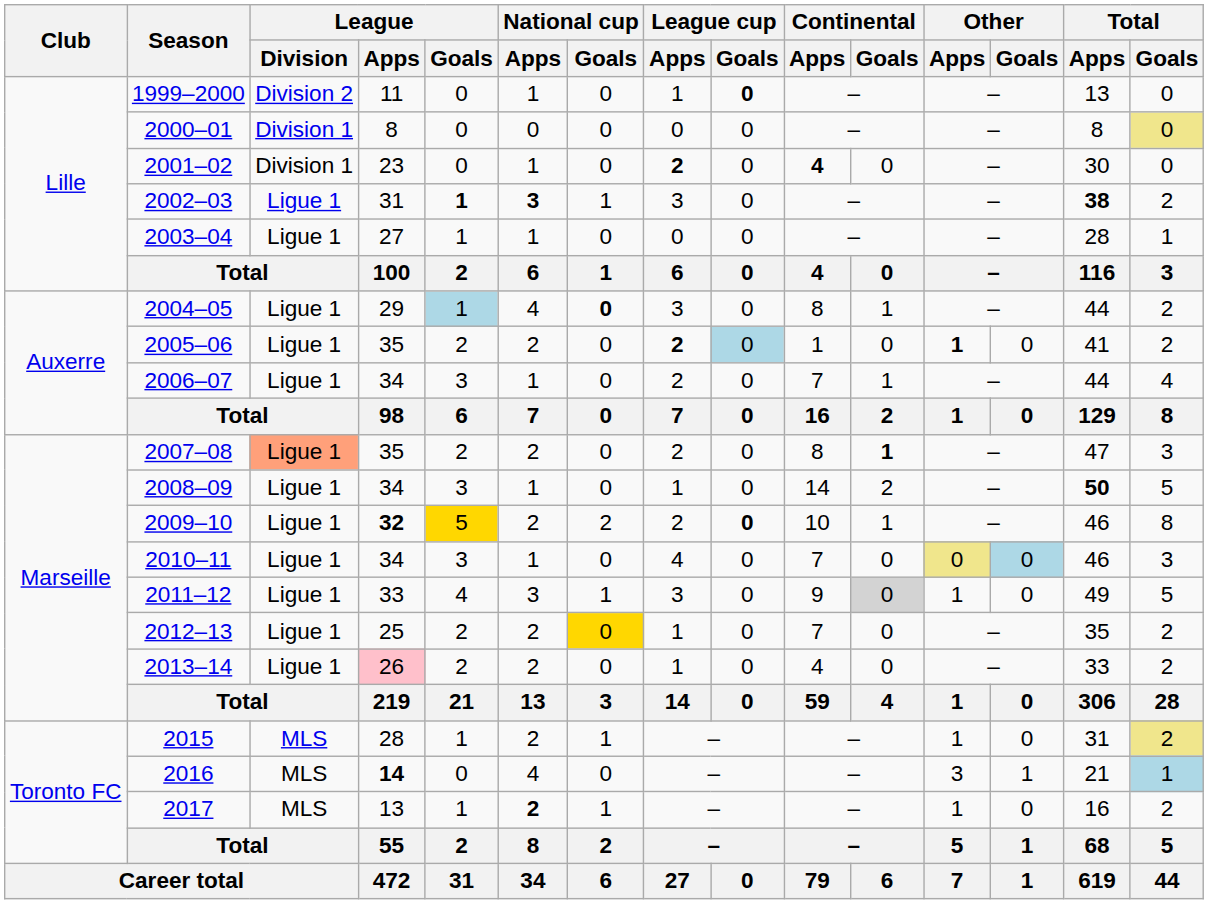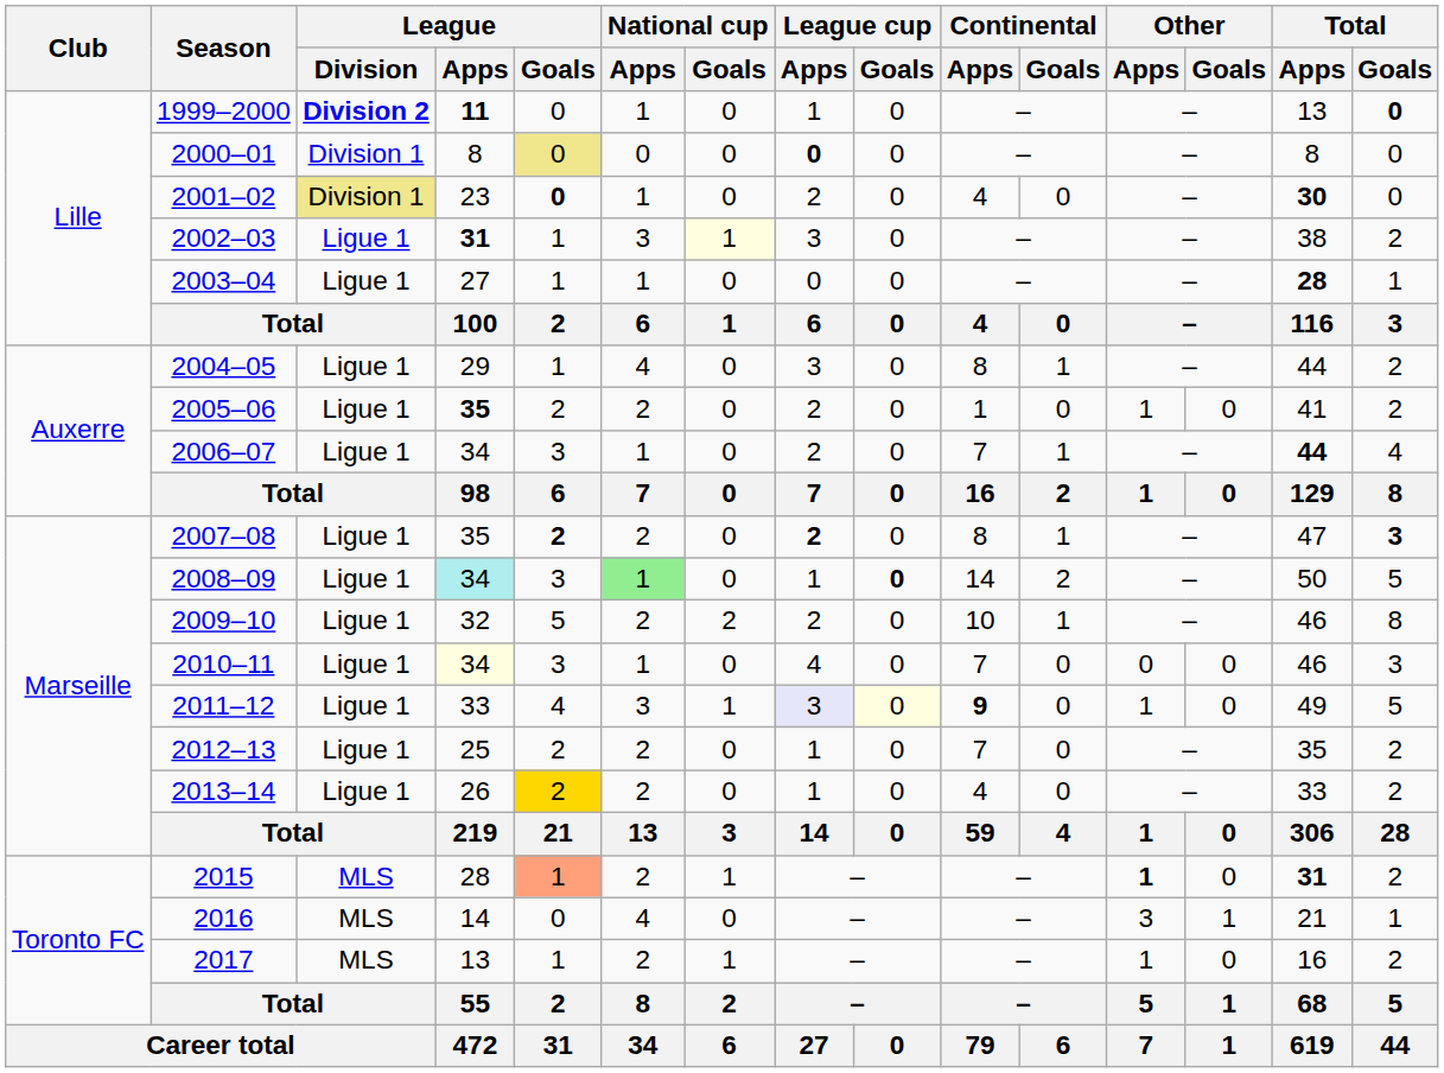 <table class="wikitable" style="text-align: center;">
 <tr>
 <th rowspan="2">Club</th>
 <th rowspan="2">Season</th>
 <th colspan="3">League</th>
 <th colspan="2">National cup</th>
 <th colspan="2">League cup</th>
 <th colspan="2">Continental</th>
 <th colspan="2">Other</th>
 <th colspan="2">Total</th>
 </tr>
 <tr>
 <th>Division</th>
 <th>Apps</th>
 <th>Goals</th>
 <th>Apps</th>
 <th>Goals</th>
 <th>Apps</th>
 <th>Goals</th>
 <th>Apps</th>
 <th>Goals</th>
 <th>Apps</th>
 <th>Goals</th>
 <th>Apps</th>
 <th>Goals</th>
 </tr>
 <tr>
 <td rowspan="6"><a href='#'>Lille</a></td>
 <td><a href='#'>1999–2000</a></td>
-<td><a href='#'>Division 2</a></td>
-<td>11</td>
+<td><strong><a href='#'>Division 2</a></strong></td>
+<td><strong>11</strong></td>
 <td>0</td>
 <td>1</td>
 <td>0</td>
 <td>1</td>
-<td><strong>0</strong></td>
+<td>0</td>
 <td colspan="2">–</td>
 <td colspan="2">–</td>
 <td>13</td>
-<td>0</td>
+<td><strong>0</strong></td>
 </tr>
 <tr>
 <td><a href='#'>2000–01</a></td>
 <td><a href='#'>Division 1</a></td>
 <td>8</td>
+<td style="background: khaki;">0</td>
 <td>0</td>
 <td>0</td>
-<td>0</td>
-<td>0</td>
+<td><strong>0</strong></td>
 <td>0</td>
 <td colspan="2">–</td>
 <td colspan="2">–</td>
 <td>8</td>
-<td style="background: khaki;">0</td>
+<td>0</td>
 </tr>
 <tr>
 <td><a href='#'>2001–02</a></td>
-<td>Division 1</td>
+<td style="background: khaki;">Division 1</td>
 <td>23</td>
-<td>0</td>
+<td><strong>0</strong></td>
 <td>1</td>
 <td>0</td>
-<td><strong>2</strong></td>
+<td>2</td>
 <td>0</td>
-<td><strong>4</strong></td>
+<td>4</td>
 <td>0</td>
 <td colspan="2">–</td>
-<td>30</td>
+<td><strong>30</strong></td>
 <td>0</td>
 </tr>
 <tr>
 <td><a href='#'>2002–03</a></td>
 <td><a href='#'>Ligue 1</a></td>
-<td>31</td>
-<td><strong>1</strong></td>
-<td><strong>3</strong></td>
+<td><strong>31</strong></td>
 <td>1</td>
+<td>3</td>
+<td style="background: lightyellow;">1</td>
 <td>3</td>
 <td>0</td>
 <td colspan="2">–</td>
 <td colspan="2">–</td>
-<td><strong>38</strong></td>
+<td>38</td>
 <td>2</td>
 </tr>
 <tr>
 <td><a href='#'>2003–04</a></td>
 <td>Ligue 1</td>
 <td>27</td>
 <td>1</td>
 <td>1</td>
 <td>0</td>
 <td>0</td>
 <td>0</td>
 <td colspan="2">–</td>
 <td colspan="2">–</td>
-<td>28</td>
+<td><strong>28</strong></td>
 <td>1</td>
 </tr>
 <tr>
 <th colspan="2">Total</th>
 <th>100</th>
 <th>2</th>
 <th>6</th>
 <th>1</th>
 <th>6</th>
 <th>0</th>
 <th>4</th>
 <th>0</th>
 <th colspan="2">–</th>
 <th>116</th>
 <th>3</th>
 </tr>
 <tr>
 <td rowspan="4"><a href='#'>Auxerre</a></td>
 <td><a href='#'>2004–05</a></td>
 <td>Ligue 1</td>
 <td>29</td>
-<td style="background: lightblue;">1</td>
+<td>1</td>
 <td>4</td>
-<td><strong>0</strong></td>
+<td>0</td>
 <td>3</td>
 <td>0</td>
 <td>8</td>
 <td>1</td>
 <td colspan="2">–</td>
 <td>44</td>
 <td>2</td>
 </tr>
 <tr>
 <td><a href='#'>2005–06</a></td>
 <td>Ligue 1</td>
-<td>35</td>
+<td><strong>35</strong></td>
 <td>2</td>
 <td>2</td>
 <td>0</td>
-<td><strong>2</strong></td>
-<td style="background: lightblue;">0</td>
+<td>2</td>
+<td>0</td>
 <td>1</td>
 <td>0</td>
-<td><strong>1</strong></td>
+<td>1</td>
 <td>0</td>
 <td>41</td>
 <td>2</td>
 </tr>
 <tr>
 <td><a href='#'>2006–07</a></td>
 <td>Ligue 1</td>
 <td>34</td>
 <td>3</td>
 <td>1</td>
 <td>0</td>
 <td>2</td>
 <td>0</td>
 <td>7</td>
 <td>1</td>
 <td colspan="2">–</td>
-<td>44</td>
+<td><strong>44</strong></td>
 <td>4</td>
 </tr>
 <tr>
 <th colspan="2">Total</th>
 <th>98</th>
 <th>6</th>
 <th>7</th>
 <th>0</th>
 <th>7</th>
 <th>0</th>
 <th>16</th>
 <th>2</th>
 <th>1</th>
 <th>0</th>
 <th>129</th>
 <th>8</th>
 </tr>
 <tr>
 <td rowspan="8"><a href='#'>Marseille</a></td>
 <td><a href='#'>2007–08</a></td>
-<td style="background: lightsalmon;">Ligue 1</td>
+<td>Ligue 1</td>
 <td>35</td>
-<td>2</td>
+<td><strong>2</strong></td>
 <td>2</td>
 <td>0</td>
-<td>2</td>
+<td><strong>2</strong></td>
 <td>0</td>
 <td>8</td>
-<td><strong>1</strong></td>
+<td>1</td>
 <td colspan="2">–</td>
 <td>47</td>
-<td>3</td>
+<td><strong>3</strong></td>
 </tr>
 <tr>
 <td><a href='#'>2008–09</a></td>
 <td>Ligue 1</td>
-<td>34</td>
+<td style="background: paleturquoise;">34</td>
 <td>3</td>
-<td>1</td>
+<td style="background: lightgreen;">1</td>
 <td>0</td>
 <td>1</td>
-<td>0</td>
+<td><strong>0</strong></td>
 <td>14</td>
 <td>2</td>
 <td colspan="2">–</td>
-<td><strong>50</strong></td>
+<td>50</td>
 <td>5</td>
 </tr>
 <tr>
 <td><a href='#'>2009–10</a></td>
 <td>Ligue 1</td>
-<td><strong>32</strong></td>
-<td style="background: gold;">5</td>
+<td>32</td>
+<td>5</td>
 <td>2</td>
 <td>2</td>
 <td>2</td>
-<td><strong>0</strong></td>
+<td>0</td>
 <td>10</td>
 <td>1</td>
 <td colspan="2">–</td>
 <td>46</td>
 <td>8</td>
 </tr>
 <tr>
 <td><a href='#'>2010–11</a></td>
 <td>Ligue 1</td>
-<td>34</td>
+<td style="background: lightyellow;">34</td>
 <td>3</td>
 <td>1</td>
 <td>0</td>
 <td>4</td>
 <td>0</td>
 <td>7</td>
 <td>0</td>
-<td style="background: khaki;">0</td>
-<td style="background: lightblue;">0</td>
+<td>0</td>
+<td>0</td>
 <td>46</td>
 <td>3</td>
 </tr>
 <tr>
 <td><a href='#'>2011–12</a></td>
 <td>Ligue 1</td>
 <td>33</td>
 <td>4</td>
 <td>3</td>
 <td>1</td>
-<td>3</td>
+<td style="background: lavender;">3</td>
+<td style="background: lightyellow;">0</td>
+<td><strong>9</strong></td>
 <td>0</td>
-<td>9</td>
-<td style="background: lightgrey;">0</td>
 <td>1</td>
 <td>0</td>
 <td>49</td>
 <td>5</td>
 </tr>
 <tr>
 <td><a href='#'>2012–13</a></td>
 <td>Ligue 1</td>
 <td>25</td>
 <td>2</td>
 <td>2</td>
-<td style="background: gold;">0</td>
+<td>0</td>
 <td>1</td>
 <td>0</td>
 <td>7</td>
 <td>0</td>
 <td colspan="2">–</td>
 <td>35</td>
 <td>2</td>
 </tr>
 <tr>
 <td><a href='#'>2013–14</a></td>
 <td>Ligue 1</td>
-<td style="background: pink;">26</td>
-<td>2</td>
+<td>26</td>
+<td style="background: gold;">2</td>
 <td>2</td>
 <td>0</td>
 <td>1</td>
 <td>0</td>
 <td>4</td>
 <td>0</td>
 <td colspan="2">–</td>
 <td>33</td>
 <td>2</td>
 </tr>
 <tr>
 <th colspan="2">Total</th>
 <th>219</th>
 <th>21</th>
 <th>13</th>
 <th>3</th>
 <th>14</th>
 <th>0</th>
 <th>59</th>
 <th>4</th>
 <th>1</th>
 <th>0</th>
 <th>306</th>
 <th>28</th>
 </tr>
 <tr>
 <td rowspan="4"><a href='#'>Toronto FC</a></td>
 <td><a href='#'>2015</a></td>
 <td><a href='#'>MLS</a></td>
 <td>28</td>
-<td>1</td>
+<td style="background: lightsalmon;">1</td>
 <td>2</td>
 <td>1</td>
 <td colspan="2">–</td>
 <td colspan="2">–</td>
-<td>1</td>
+<td><strong>1</strong></td>
 <td>0</td>
-<td>31</td>
-<td style="background: khaki;">2</td>
+<td><strong>31</strong></td>
+<td>2</td>
 </tr>
 <tr>
 <td><a href='#'>2016</a></td>
 <td>MLS</td>
-<td><strong>14</strong></td>
+<td>14</td>
 <td>0</td>
 <td>4</td>
 <td>0</td>
 <td colspan="2">–</td>
 <td colspan="2">–</td>
 <td>3</td>
 <td>1</td>
 <td>21</td>
-<td style="background: lightblue;">1</td>
+<td>1</td>
 </tr>
 <tr>
 <td><a href='#'>2017</a></td>
 <td>MLS</td>
 <td>13</td>
 <td>1</td>
-<td><strong>2</strong></td>
+<td>2</td>
 <td>1</td>
 <td colspan="2">–</td>
 <td colspan="2">–</td>
 <td>1</td>
 <td>0</td>
 <td>16</td>
 <td>2</td>
 </tr>
 <tr>
 <th colspan="2">Total</th>
 <th>55</th>
 <th>2</th>
 <th>8</th>
 <th>2</th>
 <th colspan="2">–</th>
 <th colspan="2">–</th>
 <th>5</th>
 <th>1</th>
 <th>68</th>
 <th>5</th>
 </tr>
 <tr>
 <th colspan="3">Career total</th>
 <th>472</th>
 <th>31</th>
 <th>34</th>
 <th>6</th>
 <th>27</th>
 <th>0</th>
 <th>79</th>
 <th>6</th>
 <th>7</th>
 <th>1</th>
 <th>619</th>
 <th>44</th>
 </tr>
 </table>
